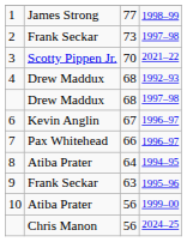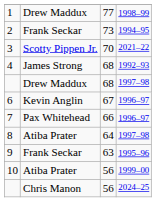 <table class="wikitable">
 <tr>
 </tr>
 <tr>
 <td>1</td>
-<td>James Strong</td>
+<td>Drew Maddux</td>
 <td>77</td>
 <td style="font-size:80%;"><a href='#'>1998–99</a></td>
 </tr>
 <tr>
 <td>2</td>
 <td>Frank Seckar</td>
 <td>73</td>
-<td style="font-size:80%;"><a href='#'>1997–98</a></td>
+<td style="font-size:80%;"><a href='#'>1994–95</a></td>
 </tr>
 <tr>
 <td>3</td>
 <td><a href='#'>Scotty Pippen Jr.</a></td>
 <td>70</td>
 <td style="font-size:80%;"><a href='#'>2021–22</a></td>
 </tr>
 <tr>
 <td>4</td>
-<td>Drew Maddux</td>
+<td>James Strong</td>
 <td>68</td>
 <td style="font-size:80%;"><a href='#'>1992–93</a></td>
 </tr>
 <tr>
 <td></td>
 <td>Drew Maddux</td>
 <td>68</td>
 <td style="font-size:80%;"><a href='#'>1997–98</a></td>
 </tr>
 <tr>
 <td>6</td>
 <td>Kevin Anglin</td>
 <td>67</td>
 <td style="font-size:80%;"><a href='#'>1996–97</a></td>
 </tr>
 <tr>
 <td>7</td>
 <td>Pax Whitehead</td>
 <td>66</td>
 <td style="font-size:80%;"><a href='#'>1996–97</a></td>
 </tr>
 <tr>
 <td>8</td>
 <td>Atiba Prater</td>
 <td>64</td>
-<td style="font-size:80%;"><a href='#'>1994–95</a></td>
+<td style="font-size:80%;"><a href='#'>1997–98</a></td>
 </tr>
 <tr>
 <td>9</td>
 <td>Frank Seckar</td>
 <td>63</td>
 <td style="font-size:80%;"><a href='#'>1995–96</a></td>
 </tr>
 <tr>
 <td>10</td>
 <td>Atiba Prater</td>
 <td>56</td>
 <td style="font-size:80%;"><a href='#'>1999–00</a></td>
 </tr>
 <tr>
 <td></td>
 <td>Chris Manon</td>
 <td>56</td>
 <td style="font-size:80%;"><a href='#'>2024–25</a></td>
 </tr>
 </table>
